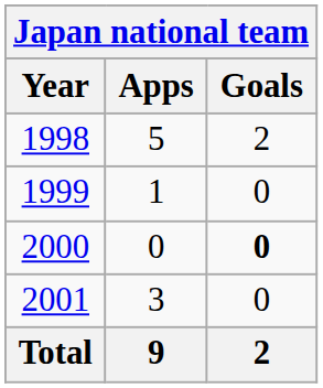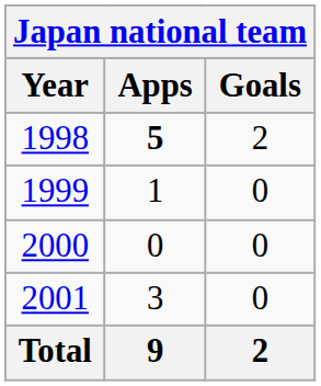 <table class="wikitable" style="text-align:center">
 <tr>
 <th colspan=3><a href='#'>Japan national team</a></th>
 </tr>
 <tr>
 <th>Year</th>
 <th>Apps</th>
 <th>Goals</th>
 </tr>
 <tr>
 <td><a href='#'>1998</a></td>
-<td>5</td>
+<td><strong>5</strong></td>
 <td>2</td>
 </tr>
 <tr>
 <td><a href='#'>1999</a></td>
 <td>1</td>
 <td>0</td>
 </tr>
 <tr>
 <td><a href='#'>2000</a></td>
 <td>0</td>
-<td><strong>0</strong></td>
+<td>0</td>
 </tr>
 <tr>
 <td><a href='#'>2001</a></td>
 <td>3</td>
 <td>0</td>
 </tr>
 <tr>
 <th>Total</th>
 <th>9</th>
 <th>2</th>
 </tr>
 </table>
